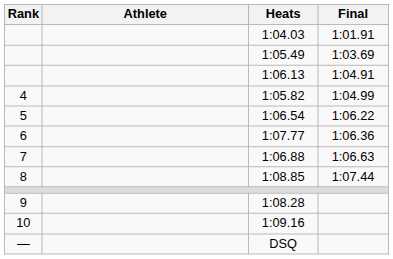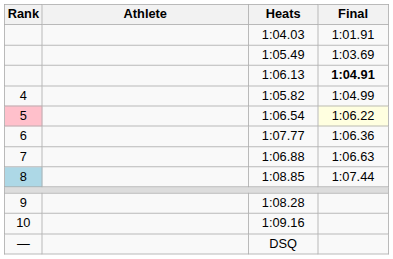 <table class=wikitable style="text-align:center">
 <tr>
 <th width=40>Rank</th>
 <th width=250>Athlete</th>
 <th width=80>Heats</th>
 <th width=80>Final</th>
 </tr>
 <tr>
 <td></td>
 <td align=left></td>
 <td>1:04.03</td>
 <td>1:01.91</td>
 </tr>
 <tr>
 <td></td>
 <td align=left></td>
 <td>1:05.49</td>
 <td>1:03.69</td>
 </tr>
 <tr>
 <td></td>
 <td align=left></td>
 <td>1:06.13</td>
-<td>1:04.91</td>
+<td><strong>1:04.91</strong></td>
 </tr>
 <tr>
 <td>4</td>
 <td align=left></td>
 <td>1:05.82</td>
 <td>1:04.99</td>
 </tr>
 <tr>
-<td>5</td>
+<td style="background: pink;">5</td>
 <td align=left></td>
 <td>1:06.54</td>
-<td>1:06.22</td>
+<td style="background: lightyellow;">1:06.22</td>
 </tr>
 <tr>
 <td>6</td>
 <td align=left></td>
 <td>1:07.77</td>
 <td>1:06.36</td>
 </tr>
 <tr>
 <td>7</td>
 <td align=left></td>
 <td>1:06.88</td>
 <td>1:06.63</td>
 </tr>
 <tr>
-<td>8</td>
+<td style="background: lightblue;">8</td>
 <td align=left></td>
 <td>1:08.85 </td>
 <td>1:07.44</td>
 </tr>
 <tr bgcolor=#DDDDDD>
 <td colspan=4></td>
 </tr>
 <tr>
 <td>9</td>
 <td align=left></td>
 <td>1:08.28 </td>
 <td></td>
 </tr>
 <tr>
 <td>10</td>
 <td align=left></td>
 <td>1:09.16</td>
 <td></td>
 </tr>
 <tr>
 <td>—</td>
 <td align=left></td>
 <td>DSQ</td>
 <td></td>
 </tr>
 </table>
